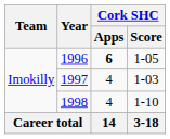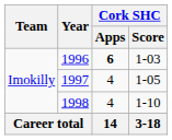 <table class="wikitable" style="text-align:center">
 <tr>
 <th rowspan="2">Team</th>
 <th rowspan="2">Year</th>
 <th colspan="2"><a href='#'>Cork SHC</a></th>
 </tr>
 <tr>
 <th>Apps</th>
 <th>Score</th>
 </tr>
 <tr>
 <td rowspan="3"><a href='#'>Imokilly</a></td>
 <td><a href='#'>1996</a></td>
 <td><strong>6</strong></td>
-<td>1-05</td>
+<td>1-03</td>
 </tr>
 <tr>
 <td><a href='#'>1997</a></td>
 <td>4</td>
-<td>1-03</td>
+<td>1-05</td>
 </tr>
 <tr>
 <td><a href='#'>1998</a></td>
 <td>4</td>
 <td>1-10</td>
 </tr>
 <tr>
 <th colspan="2">Career total</th>
 <th>14</th>
 <th>3-18</th>
 </tr>
 </table>
